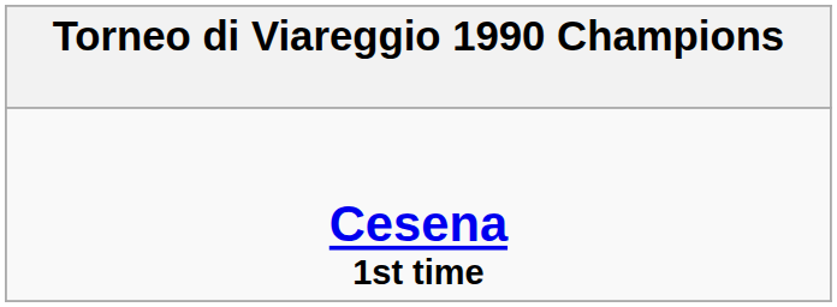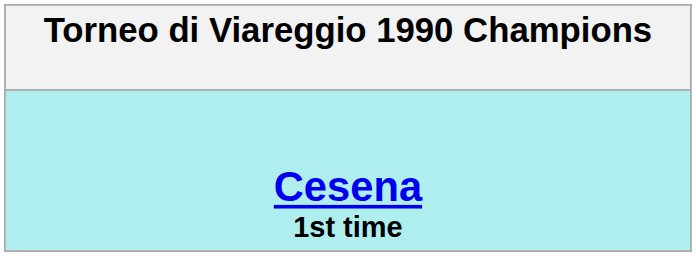 <table class="wikitable" style="margin: 0 auto; width: 30%;">
 <tr>
 <th><big>Torneo di Viareggio 1990 Champions</big><br><br></th>
 </tr>
 <tr>
-<td align=center><br><br><big><big><strong><a href='#'>Cesena</a></strong><br></big></big><strong>1st time</strong></td>
+<td align=center style="background: paleturquoise;"><br><br><big><big><strong><a href='#'>Cesena</a></strong><br></big></big><strong>1st time</strong></td>
 </tr>
 </table>
